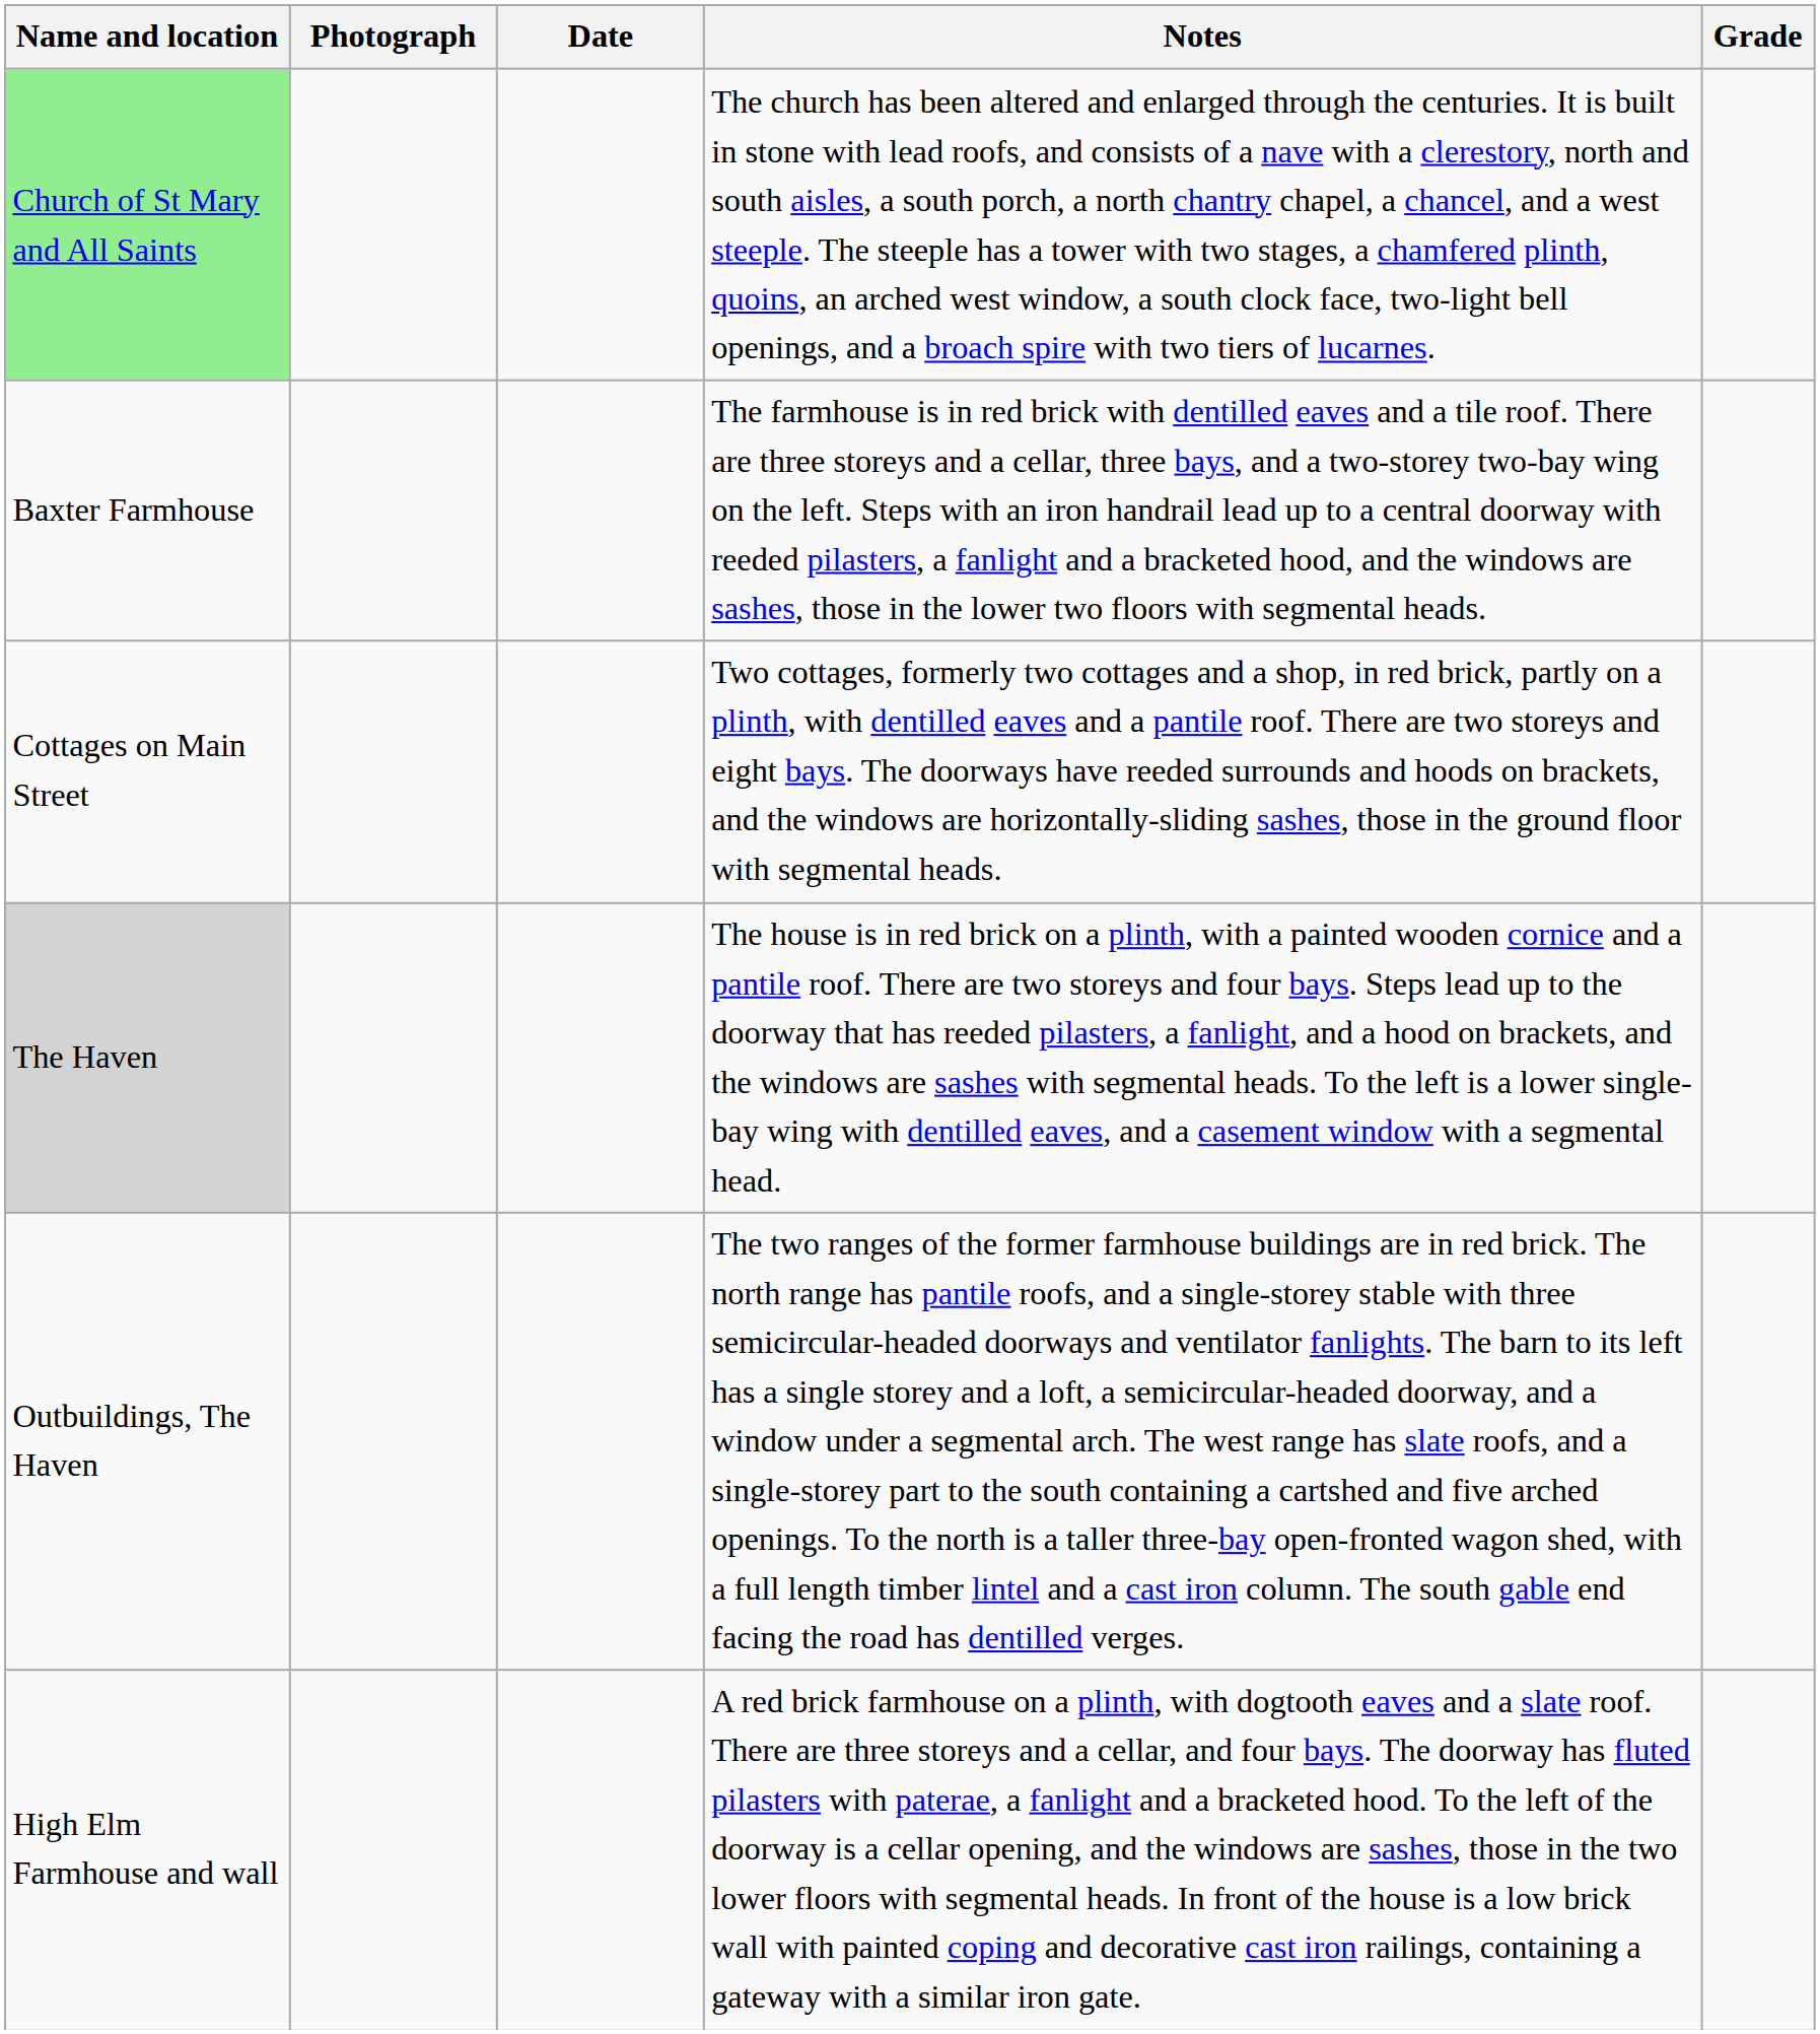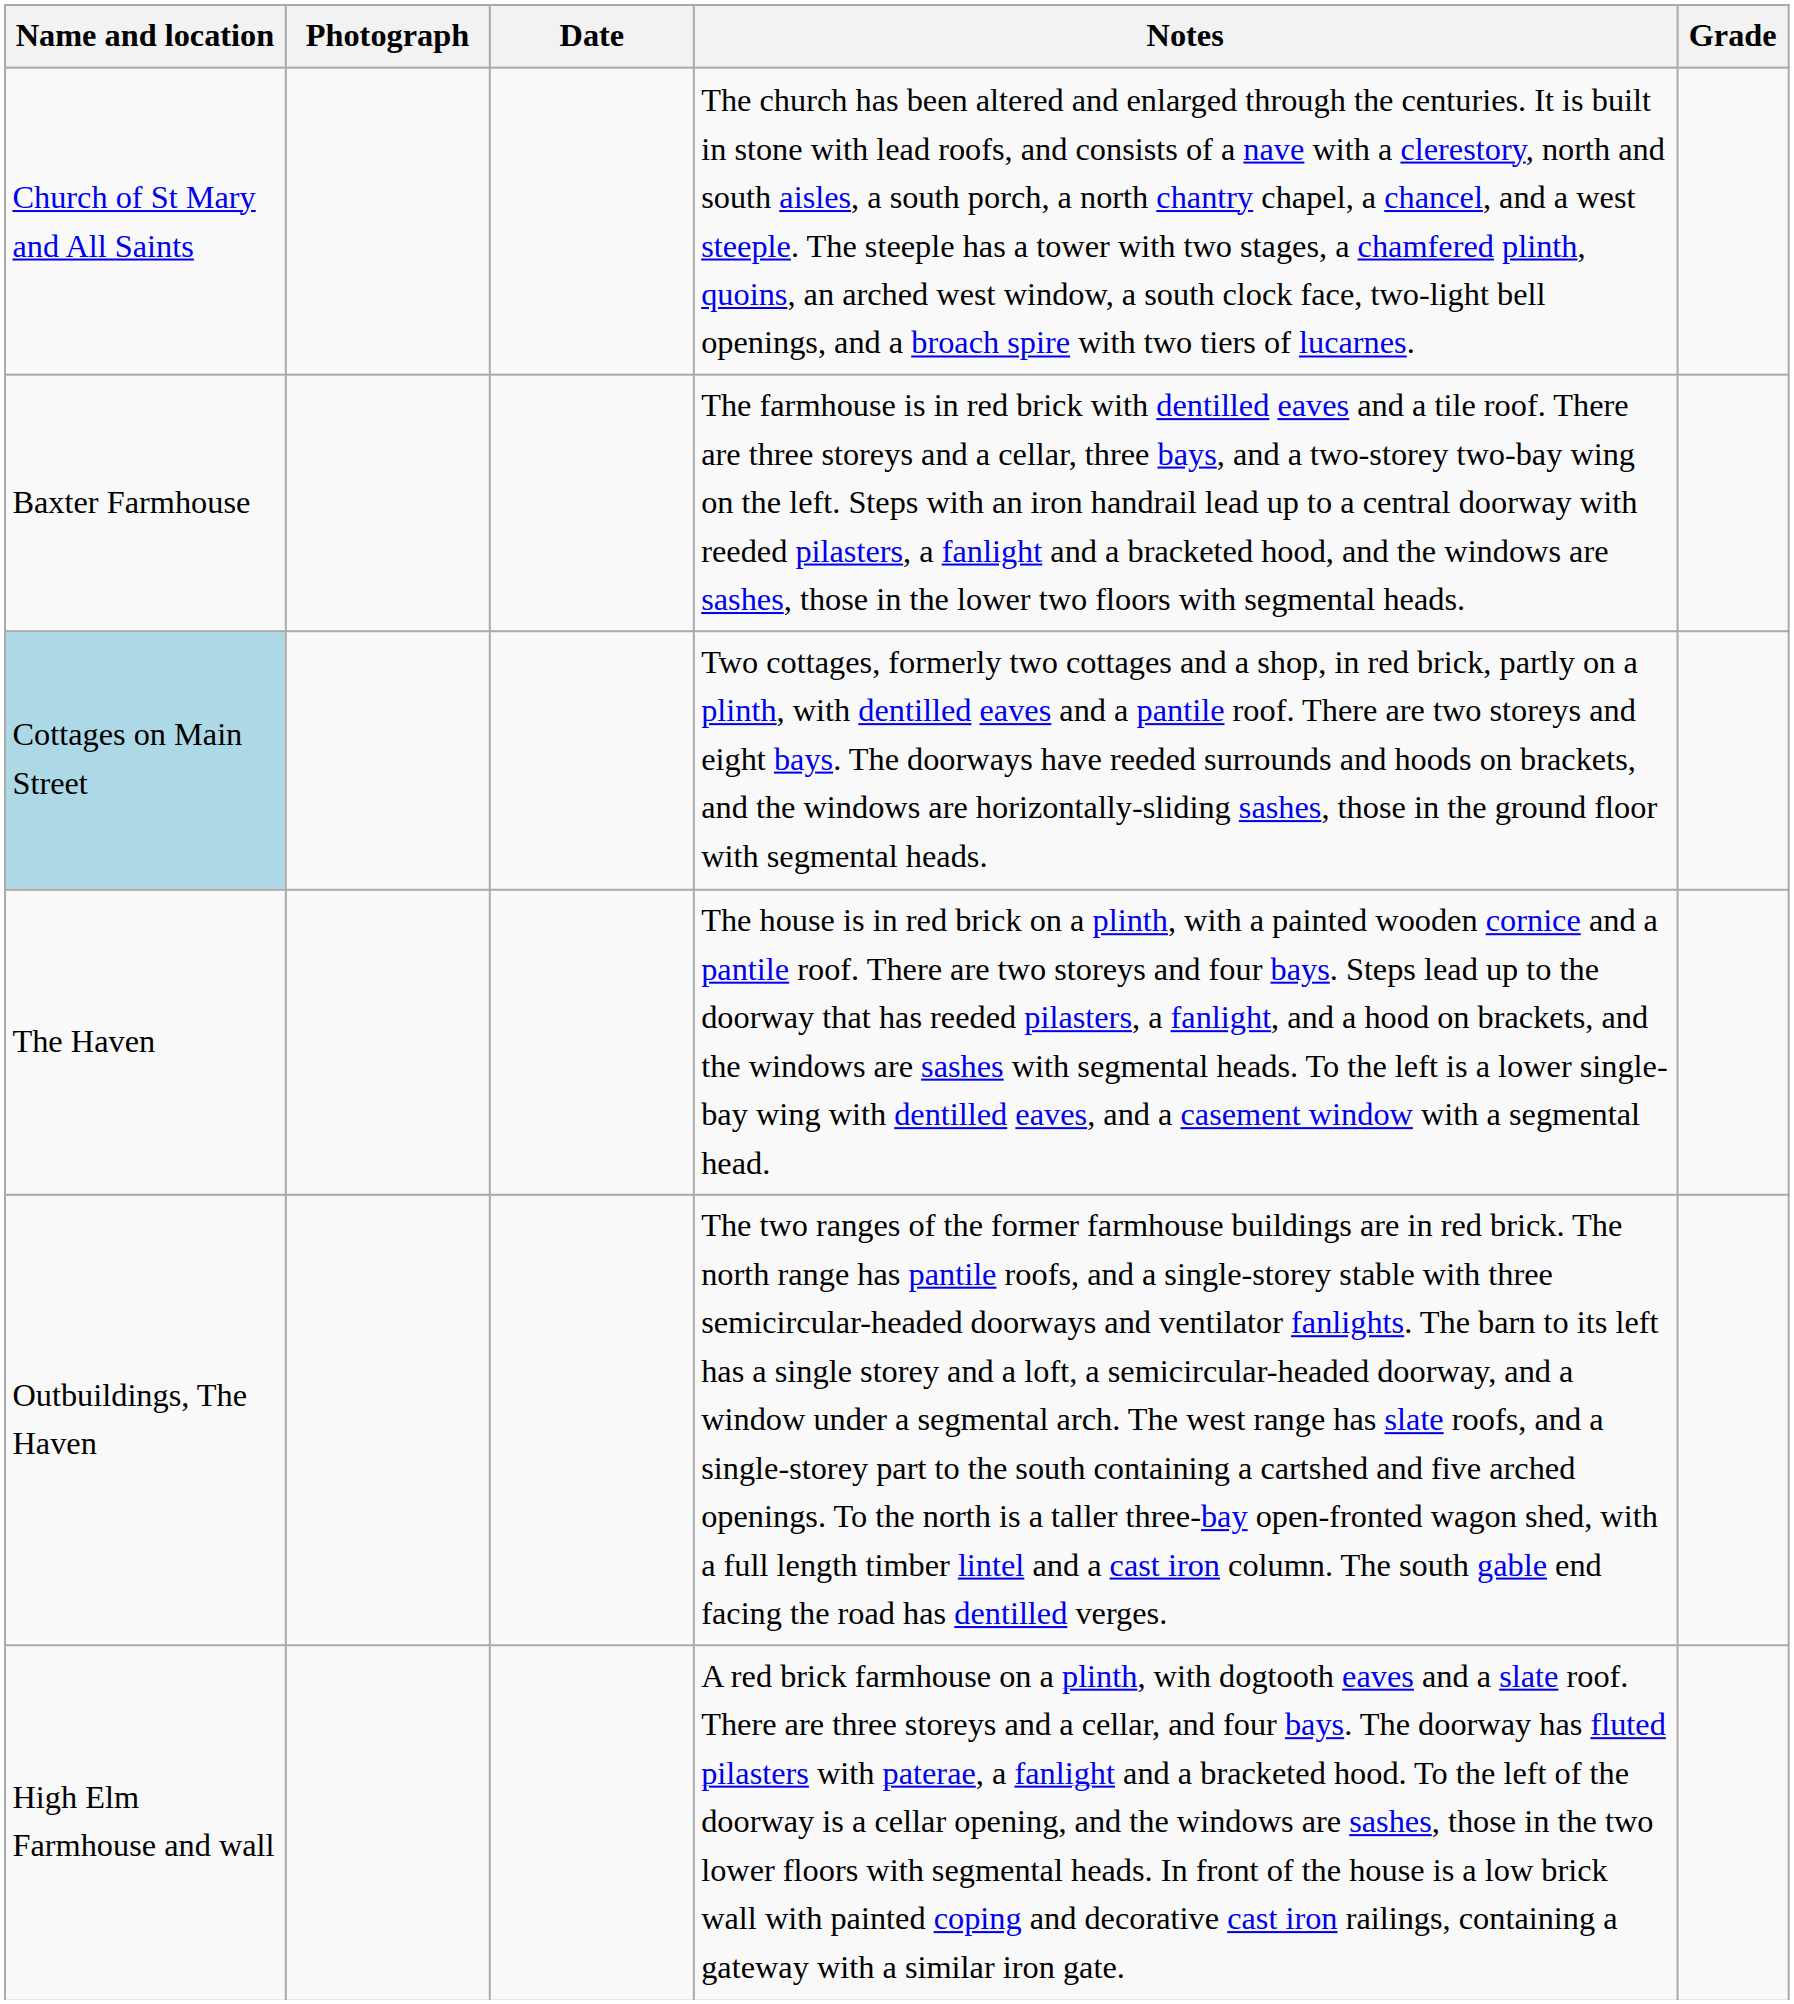 <table class="wikitable sortable plainrowheaders" style="width:100%; border:0px; text-align:left; line-height:150%">
 <tr>
 <th scope="col"  style="width:150px">Name and location</th>
 <th scope="col"  style="width:100px" class="unsortable">Photograph</th>
 <th scope="col"  style="width:120px">Date</th>
 <th scope="col"  style="width:650px" class="unsortable">Notes</th>
 <th scope="col"  style="width:50px">Grade</th>
 </tr>
 <tr>
-<td style="background: lightgreen;"><a href='#'>Church of St Mary and All Saints</a><br><small></small></td>
+<td><a href='#'>Church of St Mary and All Saints</a><br><small></small></td>
 <td></td>
 <td align="center"></td>
 <td>The church has been altered and enlarged through the centuries.  It is built in stone with lead roofs, and consists of a <a href='#'>nave</a> with a <a href='#'>clerestory</a>, north and south <a href='#'>aisles</a>, a south porch, a north <a href='#'>chantry</a> chapel, a <a href='#'>chancel</a>, and a west <a href='#'>steeple</a>.  The steeple has a tower with two stages, a <a href='#'>chamfered</a> <a href='#'>plinth</a>, <a href='#'>quoins</a>, an arched west window, a south clock face, two-light bell openings, and a <a href='#'>broach spire</a> with two tiers of <a href='#'>lucarnes</a>.</td>
 <td align="center" ></td>
 </tr>
 <tr>
 <td>Baxter Farmhouse<br><small></small></td>
 <td></td>
 <td align="center"></td>
 <td>The farmhouse is in red brick with <a href='#'>dentilled</a> <a href='#'>eaves</a> and a tile roof.  There are three storeys and a cellar, three <a href='#'>bays</a>, and a two-storey two-bay wing on the left.  Steps with an iron handrail lead up to a central doorway with reeded <a href='#'>pilasters</a>, a <a href='#'>fanlight</a> and a bracketed hood, and the windows are <a href='#'>sashes</a>, those in the lower two floors with segmental heads.</td>
 <td align="center" ></td>
 </tr>
 <tr>
-<td>Cottages on Main Street<br><small></small></td>
+<td style="background: lightblue;">Cottages on Main Street<br><small></small></td>
 <td></td>
 <td align="center"></td>
 <td>Two cottages, formerly two cottages and a shop, in red brick, partly on a <a href='#'>plinth</a>, with <a href='#'>dentilled</a> <a href='#'>eaves</a> and a <a href='#'>pantile</a> roof.  There are two storeys and eight <a href='#'>bays</a>.  The doorways have reeded surrounds and hoods on brackets, and the windows are horizontally-sliding <a href='#'>sashes</a>, those in the ground floor with segmental heads.</td>
 <td align="center" ></td>
 </tr>
 <tr>
-<td style="background: lightgrey;">The Haven<br><small></small></td>
+<td>The Haven<br><small></small></td>
 <td></td>
 <td align="center"></td>
 <td>The house is in red brick on a <a href='#'>plinth</a>, with a painted wooden <a href='#'>cornice</a> and a <a href='#'>pantile</a> roof.  There are two storeys and four <a href='#'>bays</a>.  Steps lead up to the doorway that has reeded <a href='#'>pilasters</a>, a <a href='#'>fanlight</a>, and a hood on brackets, and the windows are <a href='#'>sashes</a> with segmental heads.  To the left is a lower single-bay wing with <a href='#'>dentilled</a> <a href='#'>eaves</a>, and a <a href='#'>casement window</a> with a segmental head.</td>
 <td align="center" ></td>
 </tr>
 <tr>
 <td>Outbuildings, The Haven<br><small></small></td>
 <td></td>
 <td align="center"></td>
 <td>The two ranges of the former farmhouse buildings are in red brick.  The north range has <a href='#'>pantile</a> roofs, and a single-storey stable with three semicircular-headed doorways and ventilator <a href='#'>fanlights</a>.  The barn to its left has a single storey and a loft, a semicircular-headed doorway, and a window under a segmental arch.  The west range has <a href='#'>slate</a> roofs, and a single-storey part to the south containing a cartshed and five arched openings.  To the north is a taller three-<a href='#'>bay</a> open-fronted wagon shed, with a full length timber <a href='#'>lintel</a> and a <a href='#'>cast iron</a> column.  The south <a href='#'>gable</a> end facing the road has <a href='#'>dentilled</a> verges.</td>
 <td align="center" ></td>
 </tr>
 <tr>
 <td>High Elm Farmhouse and wall<br><small></small></td>
 <td></td>
 <td align="center"></td>
 <td>A red brick farmhouse on a <a href='#'>plinth</a>, with dogtooth <a href='#'>eaves</a> and a <a href='#'>slate</a> roof.  There are three storeys and a cellar, and four <a href='#'>bays</a>.  The doorway has <a href='#'>fluted</a> <a href='#'>pilasters</a> with <a href='#'>paterae</a>, a <a href='#'>fanlight</a> and a bracketed hood.  To the left of the doorway is a cellar opening, and the windows are <a href='#'>sashes</a>, those in the two lower floors with segmental heads.  In front of the house is a low brick wall with painted <a href='#'>coping</a> and decorative <a href='#'>cast iron</a> railings, containing a gateway with a similar iron gate.</td>
 <td align="center" ></td>
 </tr>
 <tr>
 </tr>
 </table>
